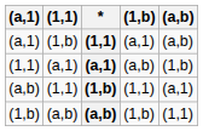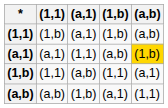 <table class="wikitable">
 <tr>
+<th>*</th>
+<th>(1,1)</th>
 <th>(a,1)</th>
-<th>(1,1)</th>
-<th>*</th>
 <th>(1,b)</th>
 <th>(a,b)</th>
 </tr>
 <tr>
+<th>(1,1)</th>
+<td>(1,b)</td>
 <td>(a,1)</td>
 <td>(1,b)</td>
-<th>(1,1)</th>
-<td>(a,1)</td>
 <td>(a,b)</td>
 </tr>
 <tr>
+<th>(a,1)</th>
+<td>(a,1)</td>
 <td>(1,1)</td>
-<td>(a,1)</td>
-<th>(a,1)</th>
 <td>(a,b)</td>
-<td>(1,b)</td>
+<td style="background: gold;">(1,b)</td>
 </tr>
 <tr>
+<th>(1,b)</th>
+<td>(1,1)</td>
 <td>(a,b)</td>
-<td>(1,1)</td>
-<th>(1,b)</th>
 <td>(1,1)</td>
 <td>(a,1)</td>
 </tr>
 <tr>
+<th>(a,b)</th>
+<td>(a,b)</td>
 <td>(1,b)</td>
-<td>(a,b)</td>
-<th>(a,b)</th>
-<td>(1,b)</td>
+<td>(a,1)</td>
 <td>(1,1)</td>
 </tr>
 </table>
